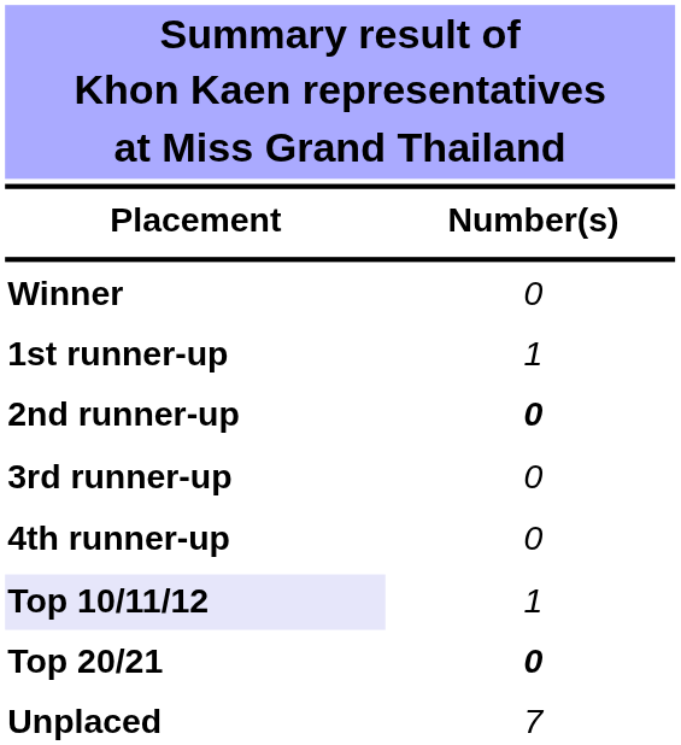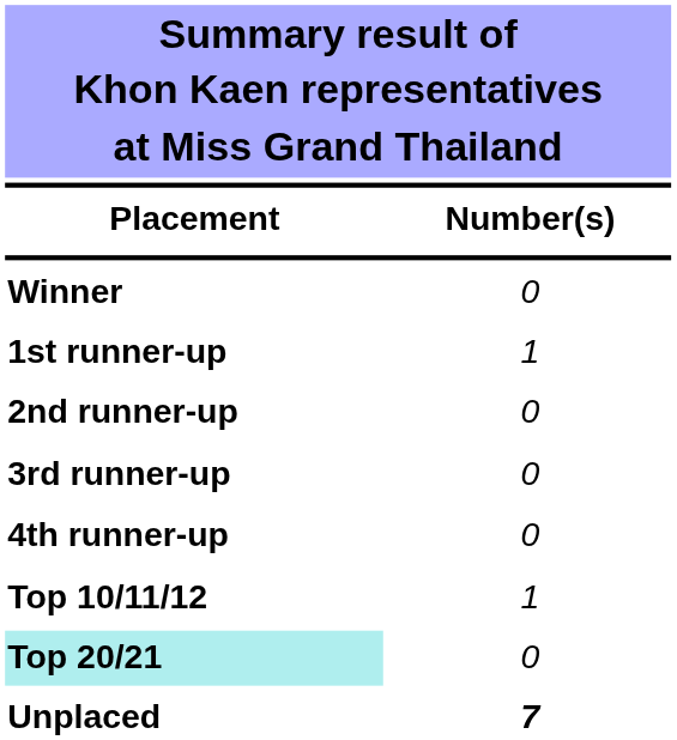 <table style="width: 270px; font-size:85%; line-height:1.5em;">
 <tr>
 <th colspan="2" align="center" style="background:#AAF;"><big>Summary result of<br>Khon Kaen representatives<br>at Miss Grand Thailand</big></th>
 </tr>
 <tr>
 <td colspan="2" style="background:black"></td>
 </tr>
 <tr>
 <th scope="col">Placement</th>
 <th scope="col">Number(s)</th>
 </tr>
 <tr>
 <td colspan="2" style="background:black"></td>
 </tr>
 <tr>
 <td align="left"><strong>Winner</strong></td>
 <td align="center"><em>0</em></td>
 </tr>
 <tr>
 <td align="left"><strong>1st runner-up</strong></td>
 <td align="center"><em>1</em></td>
 </tr>
 <tr>
 <td align="left"><strong>2nd runner-up</strong></td>
-<td align="center"><strong><em>0</em></strong></td>
+<td align="center"><em>0</em></td>
 </tr>
 <tr>
 <td align="left"><strong>3rd runner-up</strong></td>
 <td align="center"><em>0</em></td>
 </tr>
 <tr>
 <td align="left"><strong>4th runner-up</strong></td>
 <td align="center"><em>0</em></td>
 </tr>
 <tr>
-<td align="left" style="background: lavender;"><strong>Top 10/11/12</strong></td>
+<td align="left"><strong>Top 10/11/12</strong></td>
 <td align="center"><em>1</em></td>
 </tr>
 <tr>
-<td align="left"><strong>Top 20/21</strong></td>
-<td align="center"><strong><em>0</em></strong></td>
+<td align="left" style="background: paleturquoise;"><strong>Top 20/21</strong></td>
+<td align="center"><em>0</em></td>
 </tr>
 <tr>
 <td align="left"><strong>Unplaced</strong></td>
-<td align="center"><em>7</em></td>
+<td align="center"><strong><em>7</em></strong></td>
 </tr>
 </table>
